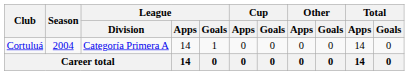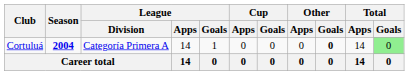 <table class="wikitable" style="text-align: center">
 <tr>
 <th rowspan="2">Club</th>
 <th rowspan="2">Season</th>
 <th colspan="3">League</th>
 <th colspan="2">Cup</th>
 <th colspan="2">Other</th>
 <th colspan="2">Total</th>
 </tr>
 <tr>
 <th>Division</th>
 <th>Apps</th>
 <th>Goals</th>
 <th>Apps</th>
 <th>Goals</th>
 <th>Apps</th>
 <th>Goals</th>
 <th>Apps</th>
 <th>Goals</th>
 </tr>
 <tr>
 <td><a href='#'>Cortuluá</a></td>
-<td><a href='#'>2004</a></td>
+<td><strong><a href='#'>2004</a></strong></td>
 <td><a href='#'>Categoría Primera A</a></td>
 <td>14</td>
 <td>1</td>
 <td>0</td>
 <td>0</td>
 <td>0</td>
-<td>0</td>
+<td><strong>0</strong></td>
 <td>14</td>
-<td>0</td>
+<td style="background: lightgreen;">0</td>
 </tr>
 <tr>
 <th colspan="3"><strong>Career total</strong></th>
 <th>14</th>
 <th>0</th>
 <th>0</th>
 <th>0</th>
 <th>0</th>
 <th>0</th>
 <th>14</th>
 <th>0</th>
 </tr>
 </table>
